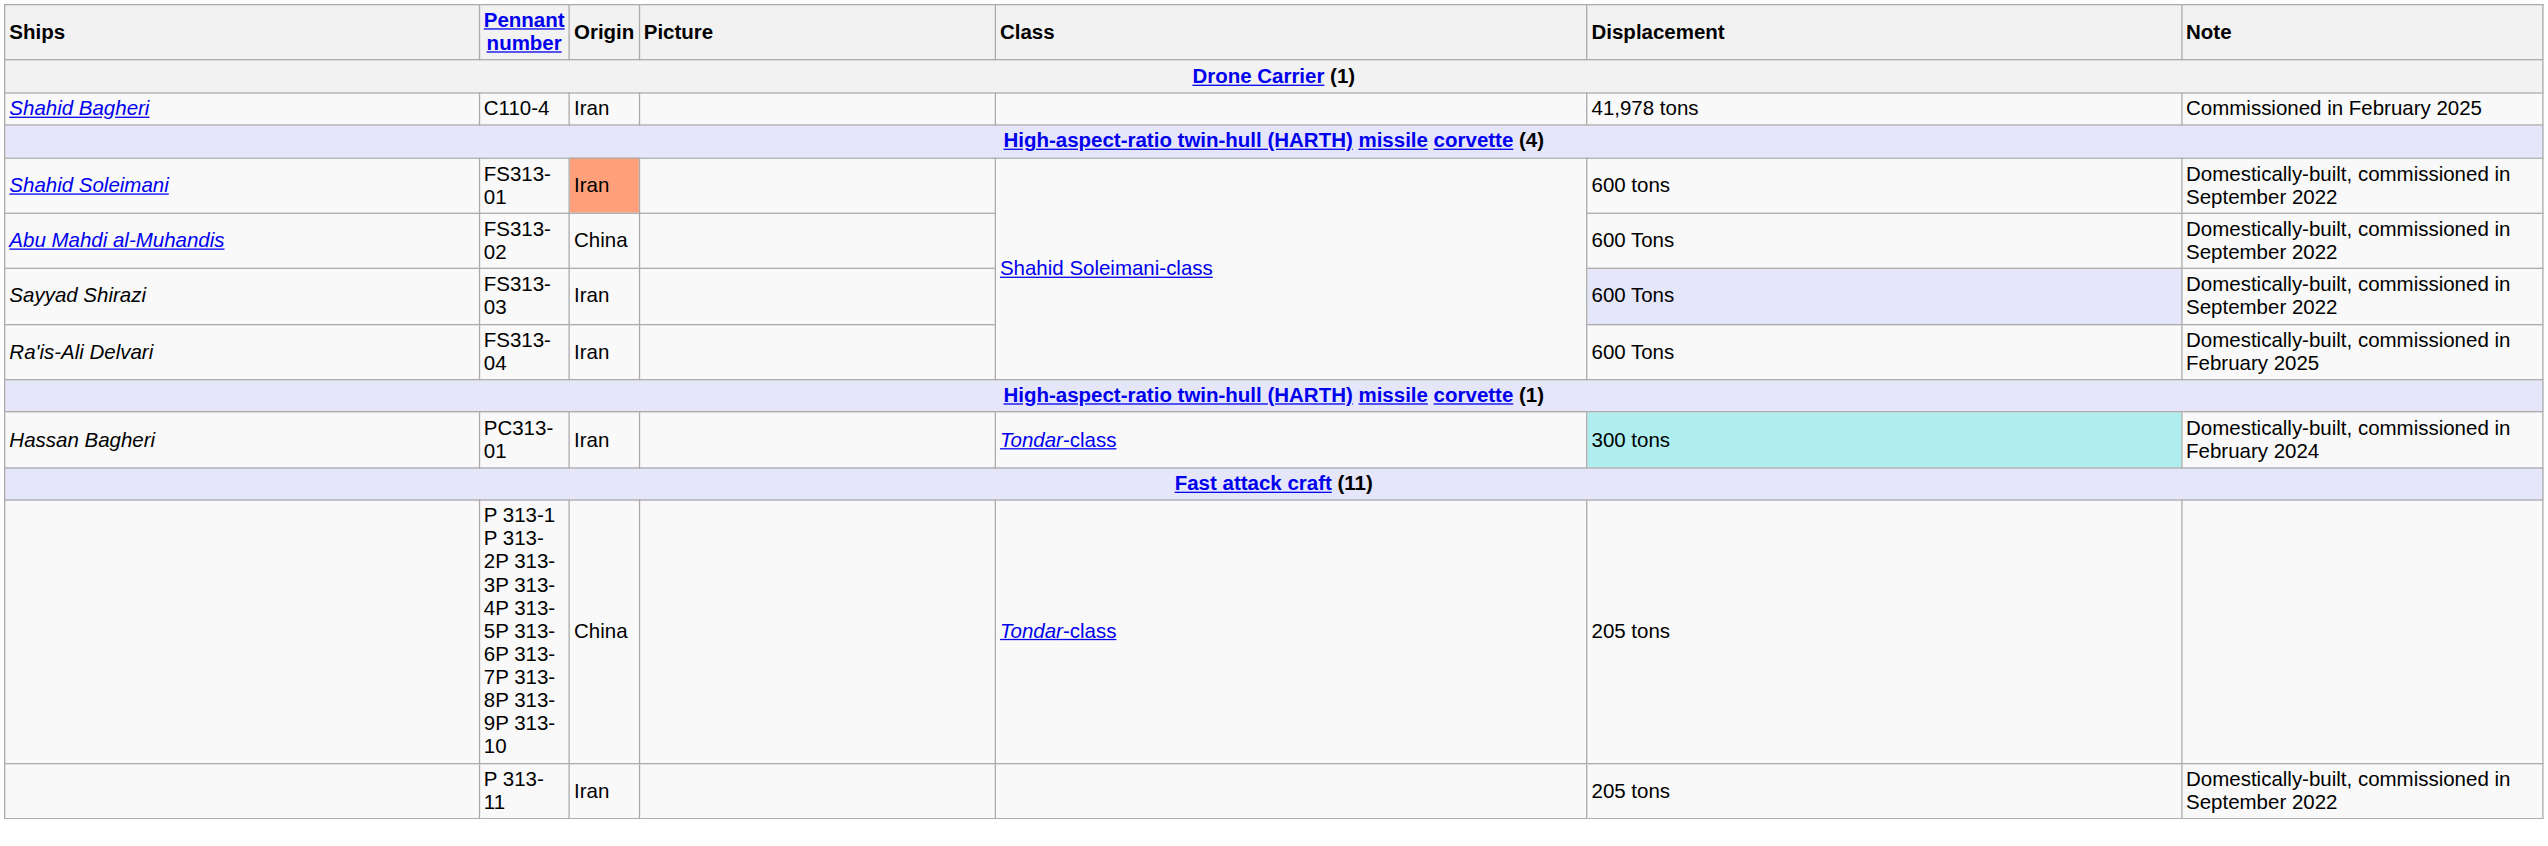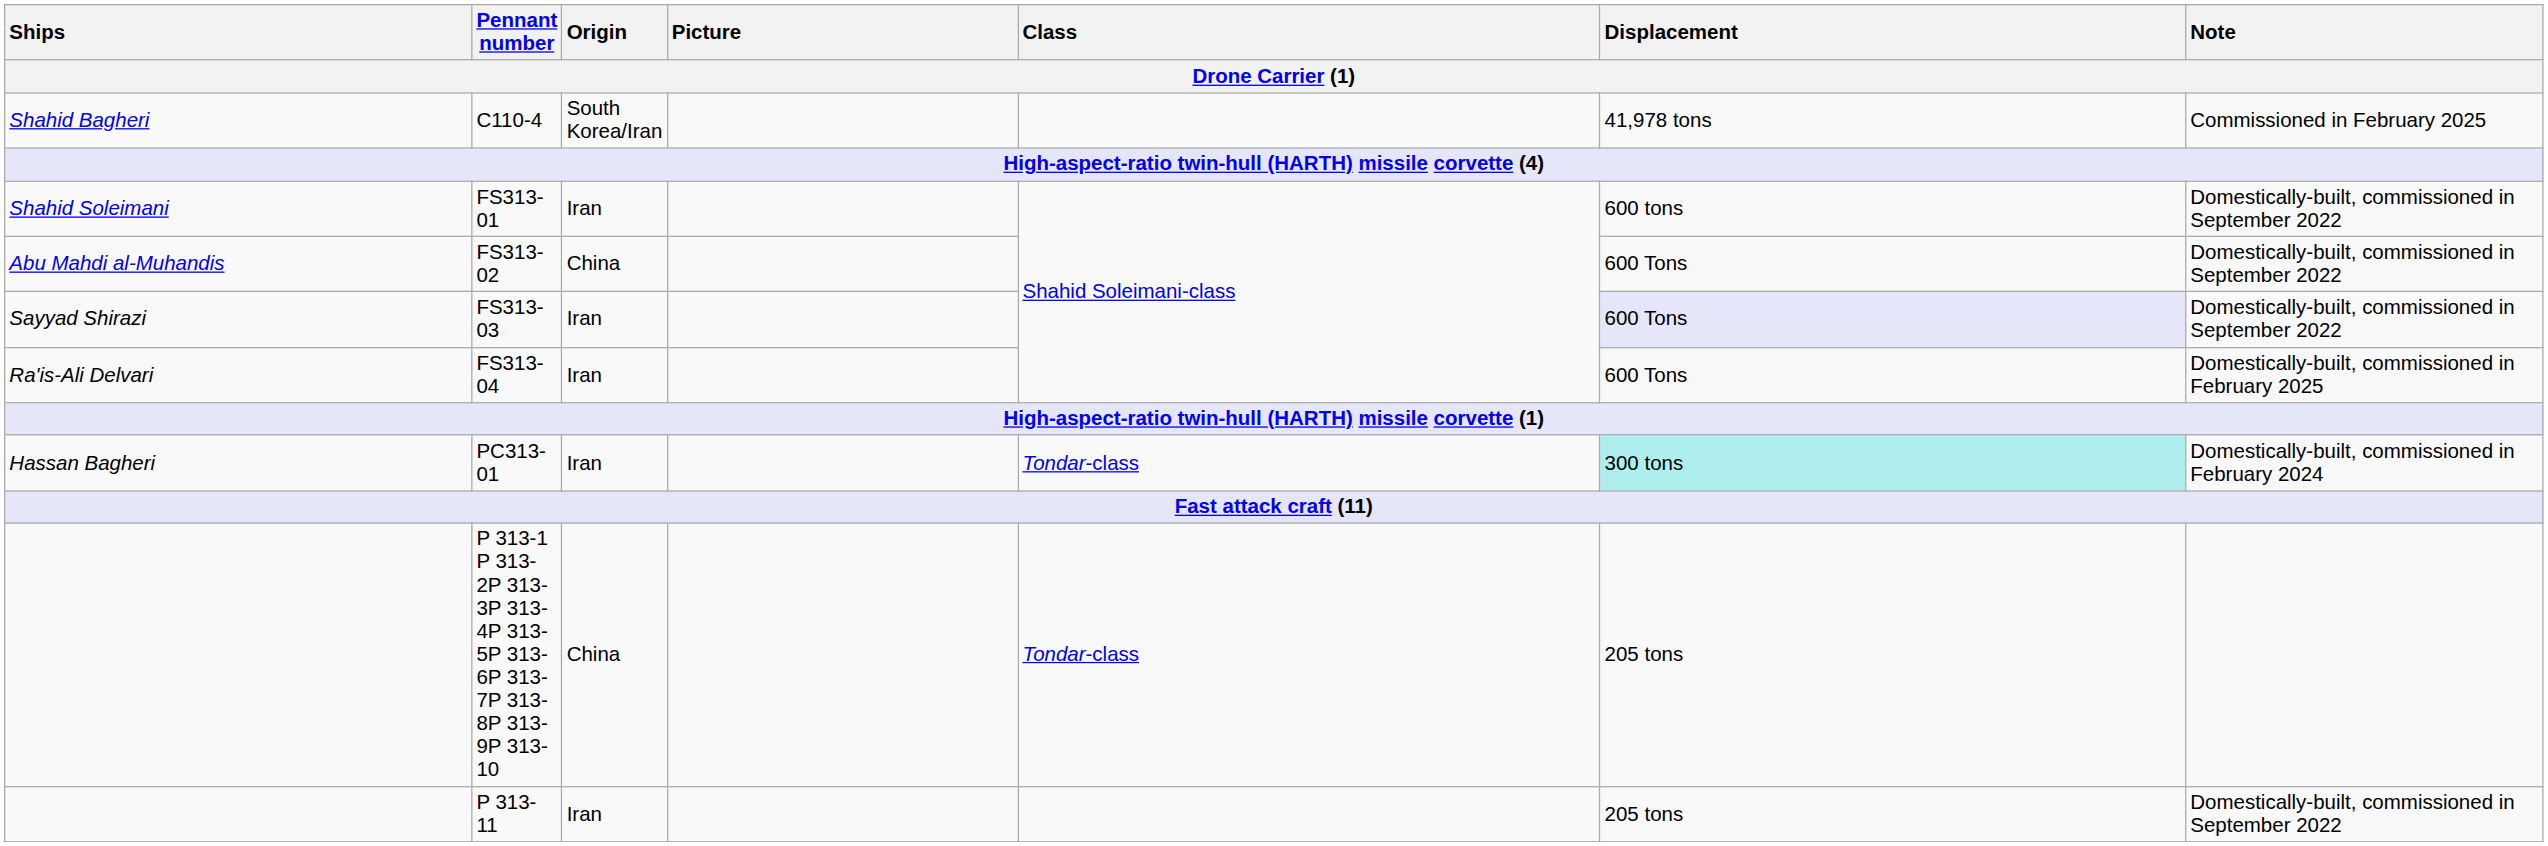 <table class="wikitable" style="margin:auto; width:100%;">
 <tr>
 <th style="text-align:left; width:20%;">Ships</th>
 <th><a href='#'>Pennant number</a></th>
 <th style="text-align:left">Origin</th>
 <th style="text-align:left; width:15%;">Picture</th>
 <th style="text-align:left; width:25%;">Class</th>
 <th style="text-align:left; width:25%;">Displacement</th>
 <th style="text-align:left; width:25%;">Note</th>
 </tr>
 <tr>
 <th colspan="7"><a href='#'>Drone Carrier</a> (1)</th>
 </tr>
 <tr>
 <td><a href='#'><em>Shahid Bagheri</em></a></td>
 <td>C110-4</td>
-<td>Iran</td>
+<td>South<br>Korea/Iran</td>
 <td></td>
 <td></td>
 <td>41,978 tons</td>
 <td>Commissioned in February 2025</td>
 </tr>
 <tr>
 <th colspan="7" style="background: lavender;"><a href='#'>High-aspect-ratio twin-hull (HARTH)</a> <a href='#'>missile</a> <a href='#'>corvette</a> (4)</th>
 </tr>
 <tr>
 <td><em><a href='#'>Shahid Soleimani</a></em></td>
 <td>FS313-01</td>
-<td style="background: lightsalmon;">Iran</td>
+<td>Iran</td>
 <td></td>
 <td rowspan="4"><a href='#'>Shahid Soleimani-class</a></td>
 <td>600 tons</td>
 <td>Domestically-built, commissioned in September 2022</td>
 </tr>
 <tr>
 <td><em><a href='#'>Abu Mahdi al-Muhandis</a></em></td>
 <td>FS313-02</td>
 <td>China</td>
 <td></td>
 <td>600 Tons</td>
 <td>Domestically-built, commissioned in September 2022</td>
 </tr>
 <tr>
 <td><em>Sayyad Shirazi</em></td>
 <td>FS313-03</td>
 <td>Iran</td>
 <td></td>
 <td style="background: lavender;">600 Tons</td>
 <td>Domestically-built, commissioned in September 2022</td>
 </tr>
 <tr>
 <td><em>Ra'is-Ali Delvari</em></td>
 <td>FS313-04</td>
 <td>Iran</td>
 <td></td>
 <td>600 Tons</td>
 <td>Domestically-built, commissioned in February 2025</td>
 </tr>
 <tr>
 <th colspan="7" style="background: lavender;"><a href='#'>High-aspect-ratio twin-hull (HARTH)</a> <a href='#'>missile</a> <a href='#'>corvette</a> (1)</th>
 </tr>
 <tr>
 <td><em>Hassan Bagheri</em></td>
 <td>PC313-01</td>
 <td>Iran</td>
 <td></td>
 <td><a href='#'><em>Tondar</em>-class</a></td>
 <td style="background: paleturquoise;">300 tons</td>
 <td>Domestically-built, commissioned in February 2024</td>
 </tr>
 <tr>
 <th colspan="7" style="background: lavender;"><a href='#'>Fast attack craft</a> (11)</th>
 </tr>
 <tr>
 <td><br></td>
 <td>P 313-1<br>P 313-2P 313-3P 313-4P 313-5P 313-6P 313-7P 313-8P 313-9P 313-10</td>
 <td>China</td>
 <td></td>
 <td><a href='#'><em>Tondar</em>-class</a></td>
 <td>205 tons</td>
 <td></td>
 </tr>
 <tr>
 <td></td>
 <td>P 313-11</td>
 <td>Iran</td>
 <td></td>
 <td></td>
 <td>205 tons</td>
 <td>Domestically-built, commissioned in September 2022</td>
 </tr>
 </table>
